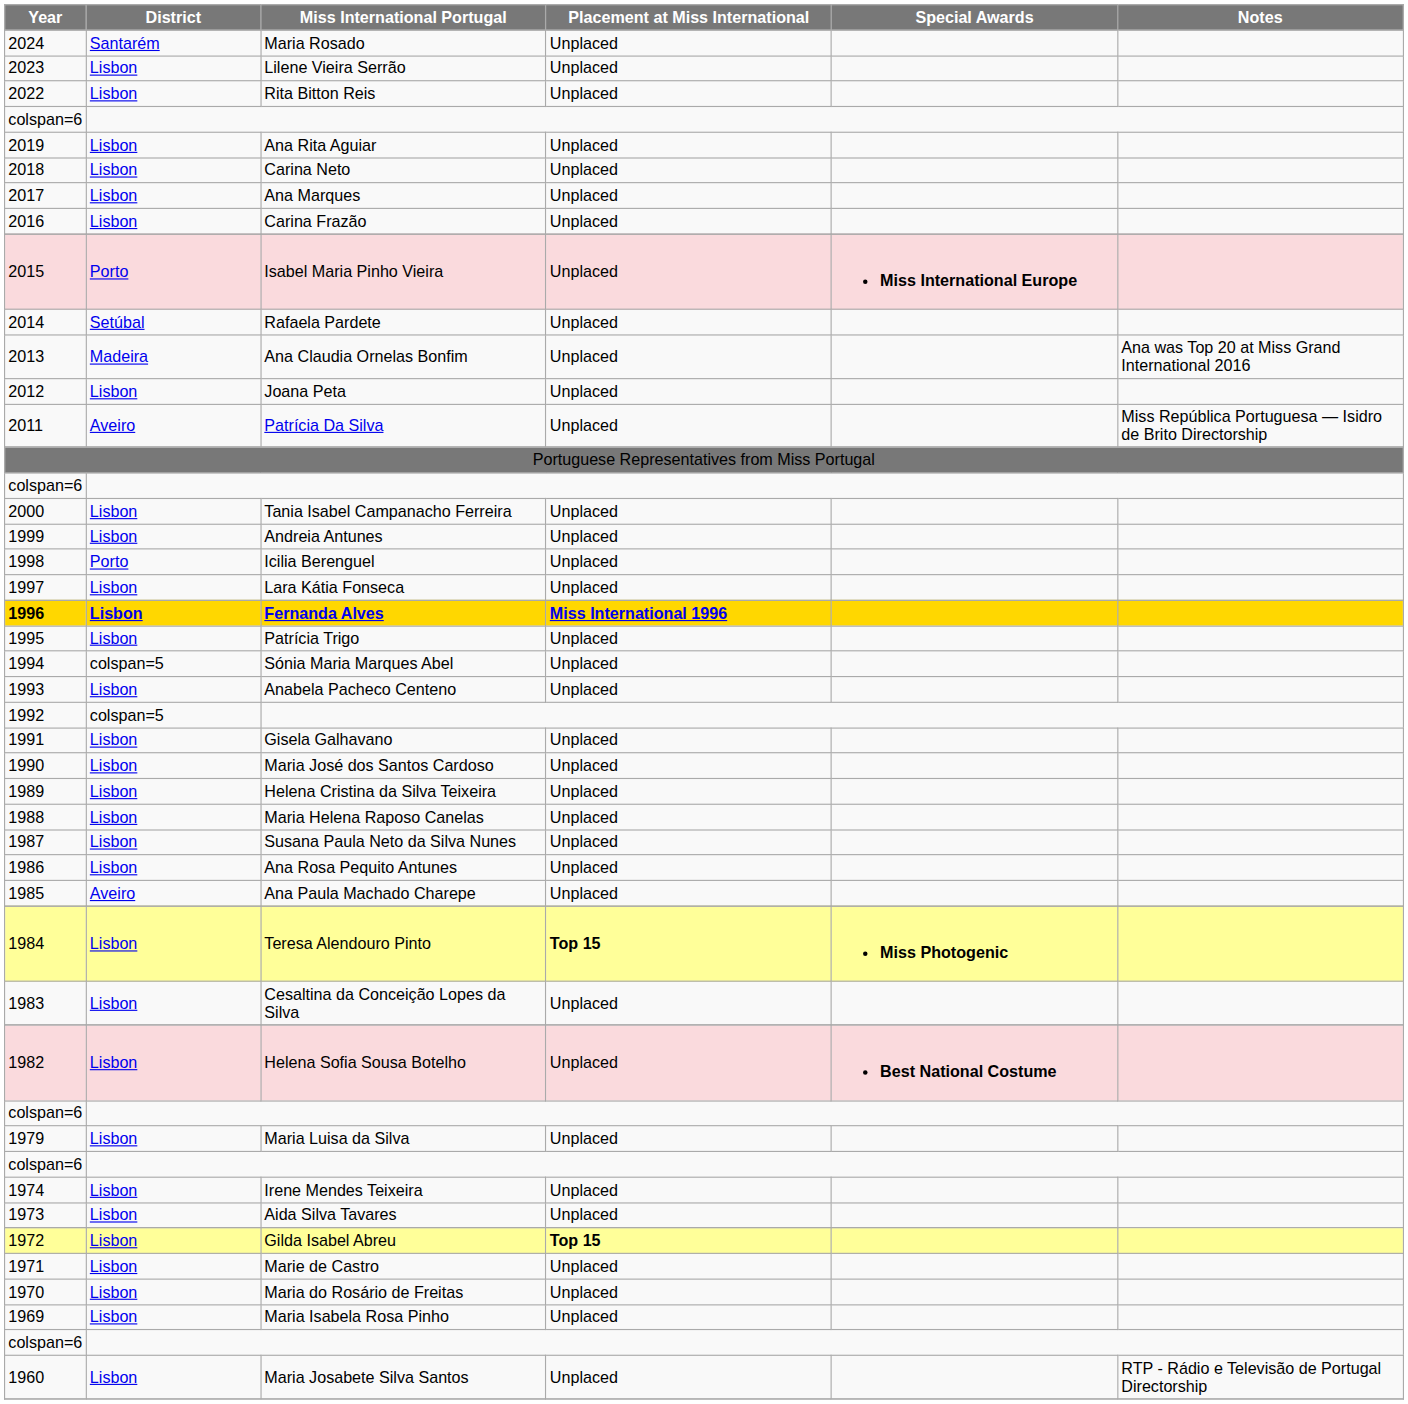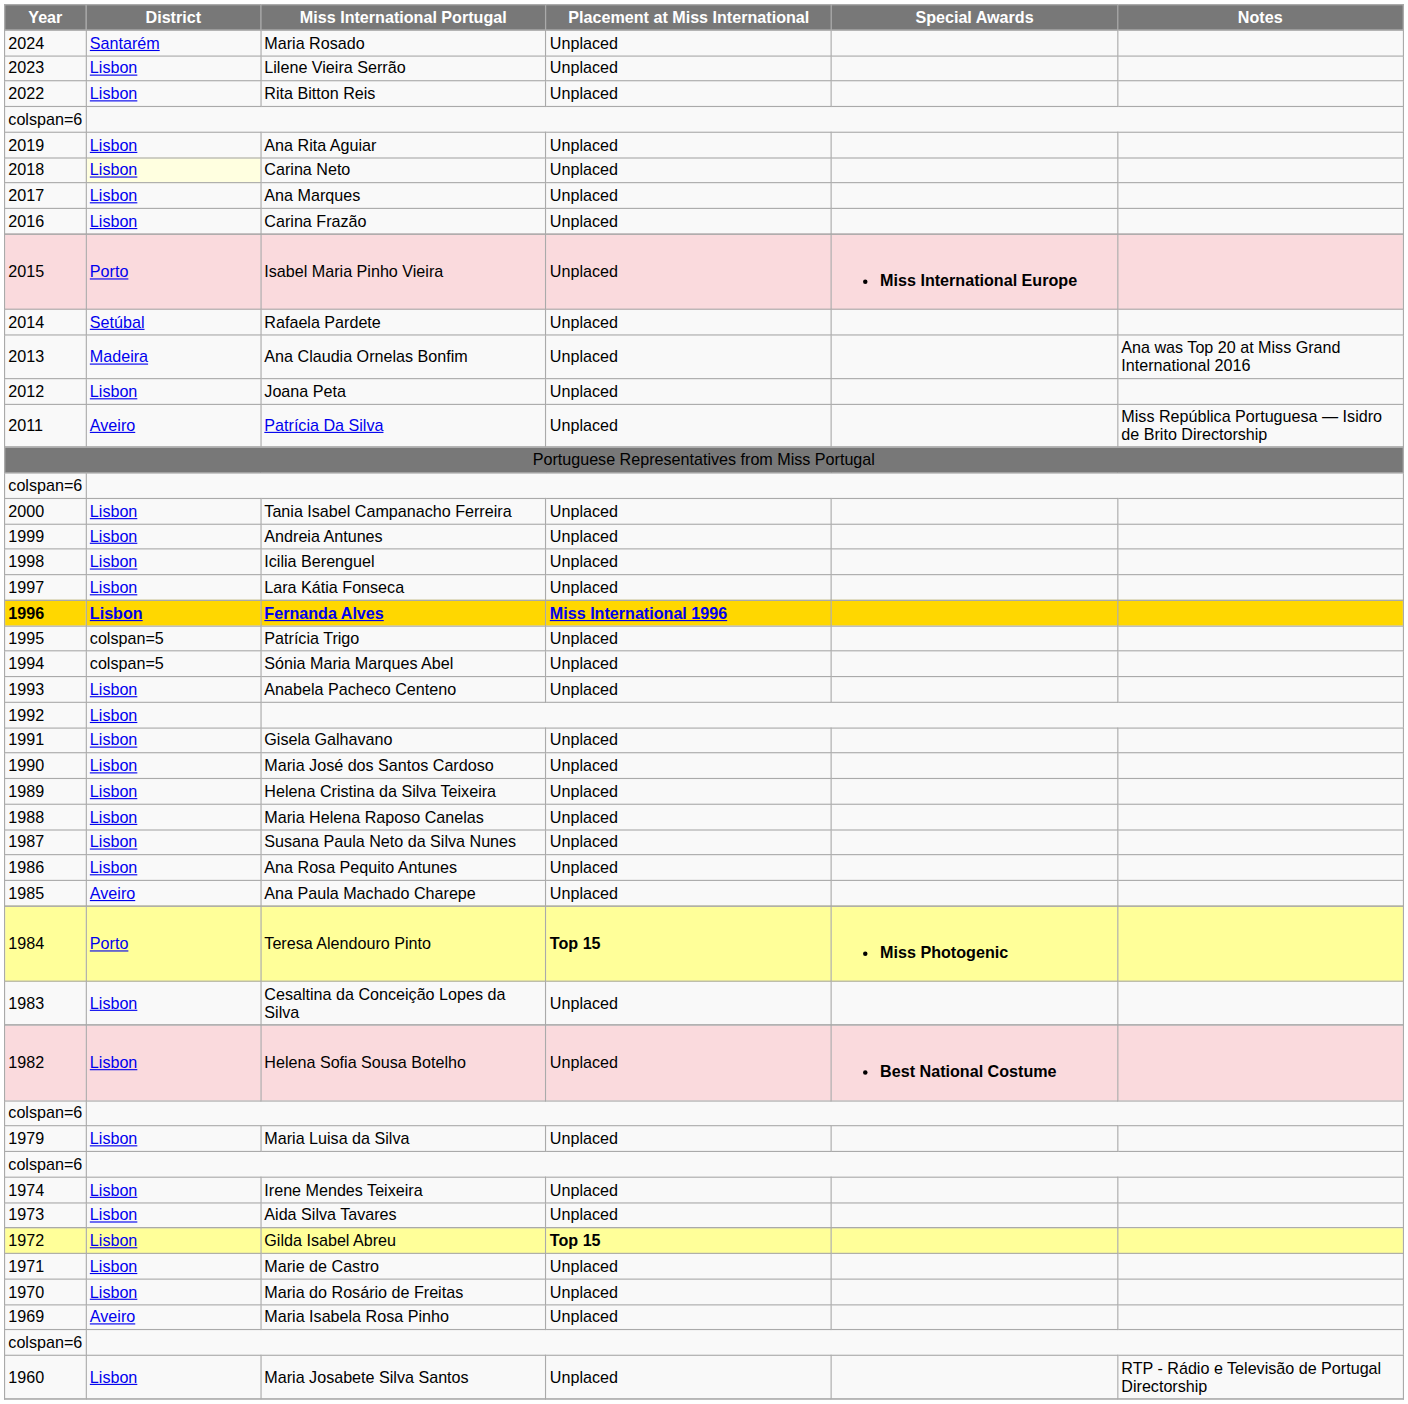 <table class="wikitable " style="font-size: 90%;">
 <tr>
 <th width="60" style="background-color:#787878;color:#FFFFFF;">Year</th>
 <th width="150" style="background-color:#787878;color:#FFFFFF;">District</th>
 <th width="250" style="background-color:#787878;color:#FFFFFF;">Miss International Portugal</th>
 <th width="250" style="background-color:#787878;color:#FFFFFF;">Placement at Miss International</th>
 <th width="250" style="background-color:#787878;color:#FFFFFF;">Special Awards</th>
 <th width="250" style="background-color:#787878;color:#FFFFFF;">Notes</th>
 </tr>
 <tr>
 <td>2024</td>
 <td><a href='#'>Santarém</a></td>
 <td>Maria Rosado</td>
 <td>Unplaced</td>
 <td></td>
 <td></td>
 </tr>
 <tr>
 <td>2023</td>
 <td><a href='#'>Lisbon</a></td>
 <td>Lilene Vieira Serrão</td>
 <td>Unplaced</td>
 <td></td>
 <td></td>
 </tr>
 <tr>
 <td>2022</td>
 <td><a href='#'>Lisbon</a></td>
 <td>Rita Bitton Reis</td>
 <td>Unplaced</td>
 <td></td>
 <td></td>
 </tr>
 <tr>
 <td>colspan=6 </td>
 </tr>
 <tr>
 <td>2019</td>
 <td><a href='#'>Lisbon</a></td>
 <td>Ana Rita Aguiar</td>
 <td>Unplaced</td>
 <td></td>
 <td></td>
 </tr>
 <tr>
 <td>2018</td>
-<td><a href='#'>Lisbon</a></td>
+<td style="background: lightyellow;"><a href='#'>Lisbon</a></td>
 <td>Carina Neto</td>
 <td>Unplaced</td>
 <td></td>
 <td></td>
 </tr>
 <tr>
 <td>2017</td>
 <td><a href='#'>Lisbon</a></td>
 <td>Ana Marques</td>
 <td>Unplaced</td>
 <td></td>
 <td></td>
 </tr>
 <tr>
 <td>2016</td>
 <td><a href='#'>Lisbon</a></td>
 <td>Carina Frazão</td>
 <td>Unplaced</td>
 <td></td>
 <td></td>
 </tr>
 <tr>
 </tr>
 <tr style="background-color:#FADADD;">
 <td>2015</td>
 <td><a href='#'>Porto</a></td>
 <td>Isabel Maria Pinho Vieira</td>
 <td>Unplaced</td>
 <td align="left"><br><ul><li><strong>Miss International Europe</strong></li></ul></td>
 <td></td>
 </tr>
 <tr>
 <td>2014</td>
 <td><a href='#'>Setúbal</a></td>
 <td>Rafaela Pardete</td>
 <td>Unplaced</td>
 <td></td>
 <td></td>
 </tr>
 <tr>
 <td>2013</td>
 <td><a href='#'>Madeira</a></td>
 <td>Ana Claudia Ornelas Bonfim</td>
 <td>Unplaced</td>
 <td></td>
 <td>Ana was Top 20 at Miss Grand International 2016</td>
 </tr>
 <tr>
 <td>2012</td>
 <td><a href='#'>Lisbon</a></td>
 <td>Joana Peta</td>
 <td>Unplaced</td>
 <td></td>
 <td></td>
 </tr>
 <tr>
 <td>2011</td>
 <td><a href='#'>Aveiro</a></td>
 <td><a href='#'>Patrícia Da Silva</a></td>
 <td>Unplaced</td>
 <td></td>
 <td>Miss República Portuguesa — Isidro de Brito Directorship</td>
 </tr>
 <tr>
 </tr>
 <tr bgcolor="#787878" align="center">
 <td colspan="6"><span>Portuguese Representatives from Miss Portugal</span></td>
 </tr>
 <tr>
 <td>colspan=6 </td>
 </tr>
 <tr>
 <td>2000</td>
 <td><a href='#'>Lisbon</a></td>
 <td>Tania Isabel Campanacho Ferreira</td>
 <td>Unplaced</td>
 <td></td>
 <td></td>
 </tr>
 <tr>
 <td>1999</td>
 <td><a href='#'>Lisbon</a></td>
 <td>Andreia Antunes</td>
 <td>Unplaced</td>
 <td></td>
 <td></td>
 </tr>
 <tr>
 <td>1998</td>
-<td><a href='#'>Porto</a></td>
+<td><a href='#'>Lisbon</a></td>
 <td>Icilia Berenguel</td>
 <td>Unplaced</td>
 <td></td>
 <td></td>
 </tr>
 <tr>
 <td>1997</td>
 <td><a href='#'>Lisbon</a></td>
 <td>Lara Kátia Fonseca</td>
 <td>Unplaced</td>
 <td></td>
 <td></td>
 </tr>
 <tr>
 </tr>
 <tr style="background-color:gold; font-weight: bold">
 <td>1996</td>
 <td><a href='#'>Lisbon</a></td>
 <td><a href='#'> Fernanda Alves</a></td>
 <td><a href='#'>Miss International 1996</a></td>
 <td></td>
 <td></td>
 </tr>
 <tr>
 <td>1995</td>
-<td><a href='#'>Lisbon</a></td>
+<td>colspan=5 </td>
 <td>Patrícia Trigo</td>
 <td>Unplaced</td>
 <td></td>
 <td></td>
 </tr>
 <tr>
 <td>1994</td>
 <td>colspan=5 </td>
 <td>Sónia Maria Marques Abel</td>
 <td>Unplaced</td>
 <td></td>
 <td></td>
 </tr>
 <tr>
 <td>1993</td>
 <td><a href='#'>Lisbon</a></td>
 <td>Anabela Pacheco Centeno</td>
 <td>Unplaced</td>
 <td></td>
 <td></td>
 </tr>
 <tr>
 <td>1992</td>
-<td>colspan=5 </td>
+<td><a href='#'>Lisbon</a></td>
 </tr>
 <tr>
 <td>1991</td>
 <td><a href='#'>Lisbon</a></td>
 <td>Gisela Galhavano</td>
 <td>Unplaced</td>
 <td></td>
 <td></td>
 </tr>
 <tr>
 <td>1990</td>
 <td><a href='#'>Lisbon</a></td>
 <td>Maria José dos Santos Cardoso</td>
 <td>Unplaced</td>
 <td></td>
 <td></td>
 </tr>
 <tr>
 <td>1989</td>
 <td><a href='#'>Lisbon</a></td>
 <td>Helena Cristina da Silva Teixeira</td>
 <td>Unplaced</td>
 <td></td>
 <td></td>
 </tr>
 <tr>
 <td>1988</td>
 <td><a href='#'>Lisbon</a></td>
 <td>Maria Helena Raposo Canelas</td>
 <td>Unplaced</td>
 <td></td>
 <td></td>
 </tr>
 <tr>
 <td>1987</td>
 <td><a href='#'>Lisbon</a></td>
 <td>Susana Paula Neto da Silva Nunes</td>
 <td>Unplaced</td>
 <td></td>
 <td></td>
 </tr>
 <tr>
 <td>1986</td>
 <td><a href='#'>Lisbon</a></td>
 <td>Ana Rosa Pequito Antunes</td>
 <td>Unplaced</td>
 <td></td>
 <td></td>
 </tr>
 <tr>
 <td>1985</td>
 <td><a href='#'>Aveiro</a></td>
 <td>Ana Paula Machado Charepe</td>
 <td>Unplaced</td>
 <td></td>
 <td></td>
 </tr>
 <tr>
 </tr>
 <tr style="background-color:#FFFF99;">
 <td>1984</td>
-<td><a href='#'>Lisbon</a></td>
+<td><a href='#'>Porto</a></td>
 <td>Teresa Alendouro Pinto</td>
 <td><strong>Top 15</strong></td>
 <td align="left"><br><ul><li><strong>Miss Photogenic</strong></li></ul></td>
 <td></td>
 </tr>
 <tr>
 <td>1983</td>
 <td><a href='#'>Lisbon</a></td>
 <td>Cesaltina da Conceição Lopes da Silva</td>
 <td>Unplaced</td>
 <td></td>
 <td></td>
 </tr>
 <tr>
 </tr>
 <tr style="background-color:#FADADD;">
 <td>1982</td>
 <td><a href='#'>Lisbon</a></td>
 <td>Helena Sofia Sousa Botelho</td>
 <td>Unplaced</td>
 <td align="left"><br><ul><li><strong>Best National Costume</strong></li></ul></td>
 <td></td>
 </tr>
 <tr>
 <td>colspan=6 </td>
 </tr>
 <tr>
 <td>1979</td>
 <td><a href='#'>Lisbon</a></td>
 <td>Maria Luisa da Silva</td>
 <td>Unplaced</td>
 <td></td>
 <td></td>
 </tr>
 <tr>
 <td>colspan=6 </td>
 </tr>
 <tr>
 <td>1974</td>
 <td><a href='#'>Lisbon</a></td>
 <td>Irene Mendes Teixeira</td>
 <td>Unplaced</td>
 <td></td>
 <td></td>
 </tr>
 <tr>
 <td>1973</td>
 <td><a href='#'>Lisbon</a></td>
 <td>Aida Silva Tavares</td>
 <td>Unplaced</td>
 <td></td>
 </tr>
 <tr>
 </tr>
 <tr style="background-color:#FFFF99;">
 <td>1972</td>
 <td><a href='#'>Lisbon</a></td>
 <td>Gilda Isabel Abreu</td>
 <td><strong>Top 15</strong></td>
 <td></td>
 <td></td>
 </tr>
 <tr>
 <td>1971</td>
 <td><a href='#'>Lisbon</a></td>
 <td>Marie de Castro</td>
 <td>Unplaced</td>
 <td></td>
 <td></td>
 </tr>
 <tr>
 <td>1970</td>
 <td><a href='#'>Lisbon</a></td>
 <td>Maria do Rosário de Freitas</td>
 <td>Unplaced</td>
 <td></td>
 <td></td>
 </tr>
 <tr>
 <td>1969</td>
-<td><a href='#'>Lisbon</a></td>
+<td><a href='#'>Aveiro</a></td>
 <td>Maria Isabela Rosa Pinho</td>
 <td>Unplaced</td>
 <td></td>
 <td></td>
 </tr>
 <tr>
 <td>colspan=6 </td>
 </tr>
 <tr>
 <td>1960</td>
 <td><a href='#'>Lisbon</a></td>
 <td>Maria Josabete Silva Santos</td>
 <td>Unplaced</td>
 <td></td>
 <td>RTP - Rádio e Televisão de Portugal Directorship</td>
 </tr>
 <tr>
 </tr>
 </table>
